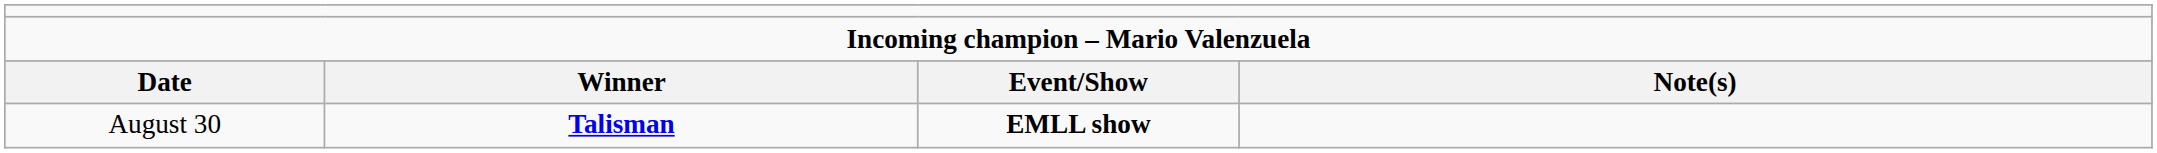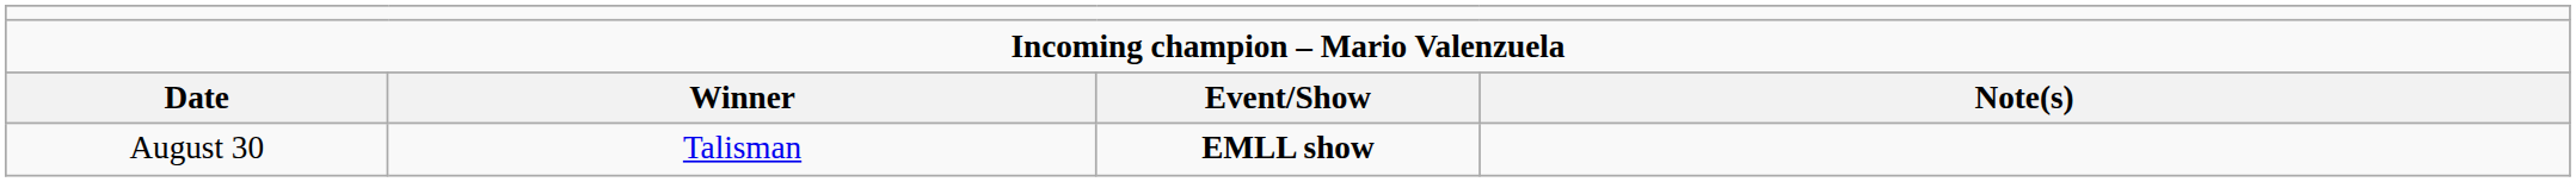 <table class="wikitable" style="text-align:center; width:100%;">
 <tr>
 <td colspan=5></td>
 </tr>
 <tr>
 <td colspan=5><strong>Incoming champion – Mario Valenzuela</strong></td>
 </tr>
 <tr>
 <th width=14%>Date</th>
 <th width=26%>Winner</th>
 <th width=14%>Event/Show</th>
 <th width=40%>Note(s)</th>
 </tr>
 <tr>
 <td>August 30</td>
-<td><strong><a href='#'>Talisman</a></strong></td>
+<td><a href='#'>Talisman</a></td>
 <td><strong>EMLL show</strong></td>
 <td></td>
 </tr>
 </table>
